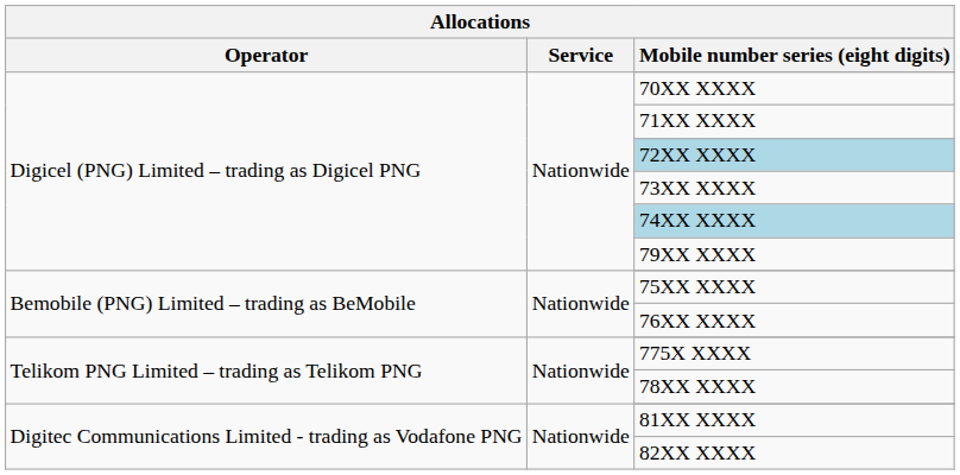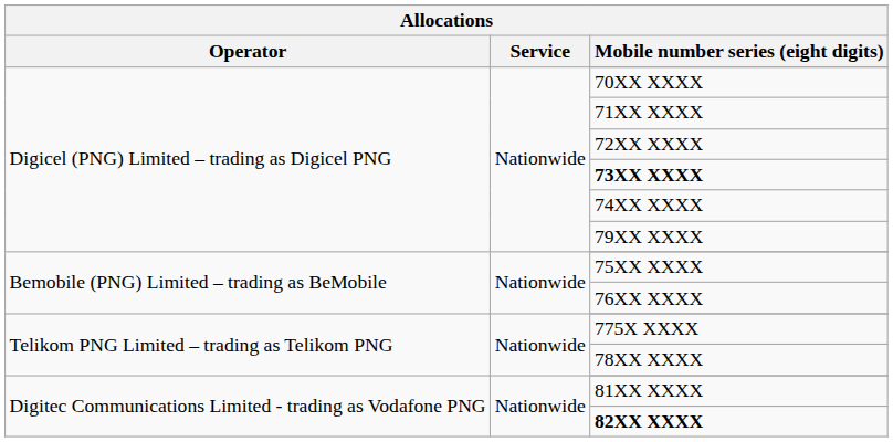 <table class="wikitable" border="1">
 <tr>
 <th colspan="3">Allocations</th>
 </tr>
 <tr>
 <th>Operator</th>
 <th>Service</th>
 <th>Mobile number series (eight digits)</th>
 </tr>
 <tr>
 <td rowspan="7">Digicel (PNG) Limited – trading as Digicel PNG</td>
 <td rowspan="7">Nationwide</td>
 </tr>
 <tr>
 <td>70XX XXXX</td>
 </tr>
 <tr>
 <td>71XX XXXX</td>
 </tr>
 <tr>
-<td style="background: lightblue;">72XX XXXX</td>
+<td>72XX XXXX</td>
 </tr>
 <tr>
-<td>73XX XXXX</td>
+<td><strong>73XX XXXX</strong></td>
 </tr>
 <tr>
-<td style="background: lightblue;">74XX XXXX</td>
+<td>74XX XXXX</td>
 </tr>
 <tr>
 <td>79XX XXXX</td>
 </tr>
 <tr>
 <td rowspan="3">Bemobile (PNG) Limited – trading as BeMobile</td>
 <td rowspan="3">Nationwide</td>
 </tr>
 <tr>
 <td>75XX XXXX</td>
 </tr>
 <tr>
 <td>76XX XXXX</td>
 </tr>
 <tr>
 <td rowspan="3">Telikom PNG Limited – trading as Telikom PNG</td>
 <td rowspan="3">Nationwide</td>
 </tr>
 <tr>
 <td>775X XXXX</td>
 </tr>
 <tr>
 <td>78XX XXXX</td>
 </tr>
 <tr>
 <td rowspan="3">Digitec Communications Limited - trading as Vodafone PNG</td>
 <td rowspan="3">Nationwide</td>
 </tr>
 <tr>
 <td>81XX XXXX</td>
 </tr>
 <tr>
-<td>82XX XXXX</td>
+<td><strong>82XX XXXX</strong></td>
 </tr>
 </table>
